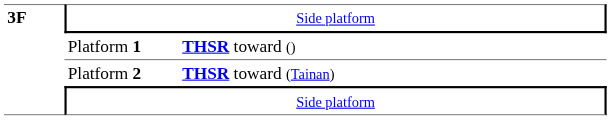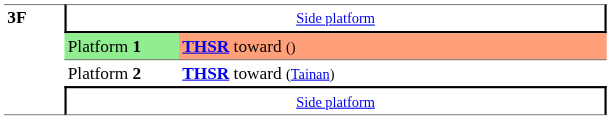 <table table border=0 cellspacing=0 cellpadding=3>
 <tr>
 <td style="border-bottom:solid 1px gray;border-top:solid 1px gray;" rowspan=38 width=50 valign=top><strong>3F</strong></td>
 </tr>
 <tr>
 <td style="border-right:solid 2px black;border-left:solid 2px black;border-bottom:solid 2px black;border-top:solid 1px gray;text-align:center;" colspan=2><small><a href='#'>Side platform</a></small></td>
 </tr>
 <tr>
-<td style="border-bottom:solid 1px gray;" width=100>Platform <span><strong>1</strong></span></td>
-<td style="border-bottom:solid 1px gray;" width=390><strong><a href='#'><span>THSR</span></a></strong> toward  <small>()</small></td>
+<td style="background: lightgreen; border-bottom:solid 1px gray;" width=100>Platform <span><strong>1</strong></span></td>
+<td style="background: lightsalmon; border-bottom:solid 1px gray;" width=390><strong><a href='#'><span>THSR</span></a></strong> toward  <small>()</small></td>
 </tr>
 <tr>
 <td>Platform <span><strong>2</strong></span></td>
 <td><strong><a href='#'><span>THSR</span></a></strong> toward  <small>(<a href='#'>Tainan</a>)</small></td>
 </tr>
 <tr>
 <td style="border-top:solid 2px black;border-right:solid 2px black;border-left:solid 2px black;border-bottom:solid 1px gray;text-align:center;" colspan=2><small><a href='#'>Side platform</a></small></td>
 </tr>
 </table>
